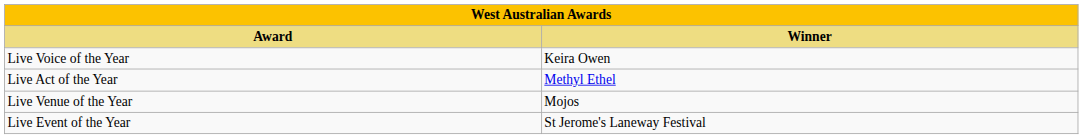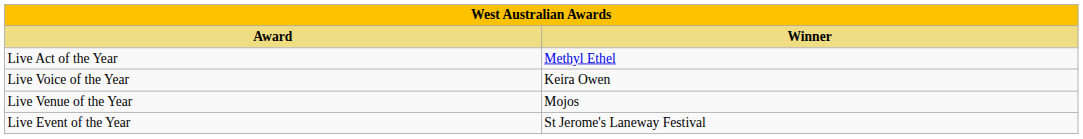 <table class="wikitable" width=100%>
 <tr>
 <th colspan="2" ! style="width:15%;background:#FCC200">West Australian Awards</th>
 </tr>
 <tr>
 <th style="width:10%;background:#EEDD82;">Award</th>
 <th style="width:10%;background:#EEDD82;">Winner</th>
 </tr>
 <tr>
+<td>Live Act of the Year</td>
+<td><a href='#'>Methyl Ethel</a></td>
+</tr>
+<tr>
 <td>Live Voice of the Year</td>
 <td>Keira Owen</td>
-</tr>
-<tr>
-<td>Live Act of the Year</td>
-<td><a href='#'>Methyl Ethel</a></td>
 </tr>
 <tr>
 <td>Live Venue of the Year</td>
 <td>Mojos</td>
 </tr>
 <tr>
 <td>Live Event of the Year</td>
 <td>St Jerome's Laneway Festival</td>
 </tr>
 </table>
